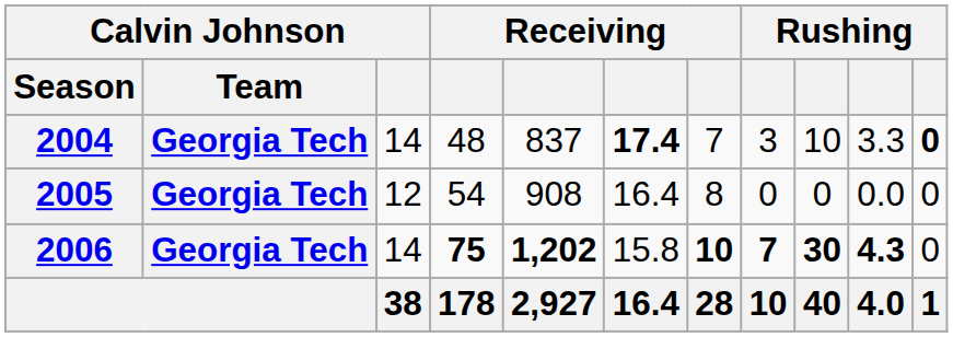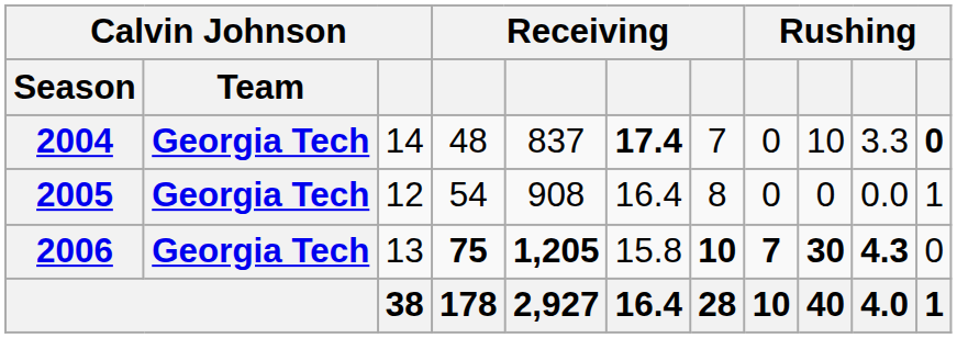 <table class="wikitable" style="text-align:center;">
 <tr>
 <th colspan="3">Calvin Johnson</th>
 <th colspan="4">Receiving</th>
 <th colspan="4">Rushing</th>
 </tr>
 <tr>
 <th>Season</th>
 <th>Team</th>
 <th></th>
 <th></th>
 <th></th>
 <th></th>
 <th></th>
 <th></th>
 <th></th>
 <th></th>
 <th></th>
 </tr>
 <tr>
 <th><a href='#'>2004</a></th>
 <th><a href='#'>Georgia Tech</a></th>
 <td>14</td>
 <td>48</td>
 <td>837</td>
 <td><strong>17.4</strong></td>
 <td>7</td>
-<td>3</td>
+<td>0</td>
 <td>10</td>
 <td>3.3</td>
 <td><strong>0</strong></td>
 </tr>
 <tr>
 <th><a href='#'>2005</a></th>
 <th><a href='#'>Georgia Tech</a></th>
 <td>12</td>
 <td>54</td>
 <td>908</td>
 <td>16.4</td>
 <td>8</td>
 <td>0</td>
 <td>0</td>
 <td>0.0</td>
-<td>0</td>
+<td>1</td>
 </tr>
 <tr>
 <th><a href='#'>2006</a></th>
 <th><a href='#'>Georgia Tech</a></th>
-<td>14</td>
+<td>13</td>
 <td><strong>75</strong></td>
-<td><strong>1,202</strong></td>
+<td><strong>1,205</strong></td>
 <td>15.8</td>
 <td><strong>10</strong></td>
 <td><strong>7</strong></td>
 <td><strong>30</strong></td>
 <td><strong>4.3</strong></td>
 <td>0</td>
 </tr>
 <tr>
 <th colspan="2"></th>
 <th>38</th>
 <th>178</th>
 <th>2,927</th>
 <th>16.4</th>
 <th>28</th>
 <th>10</th>
 <th>40</th>
 <th>4.0</th>
 <th>1</th>
 </tr>
 </table>
